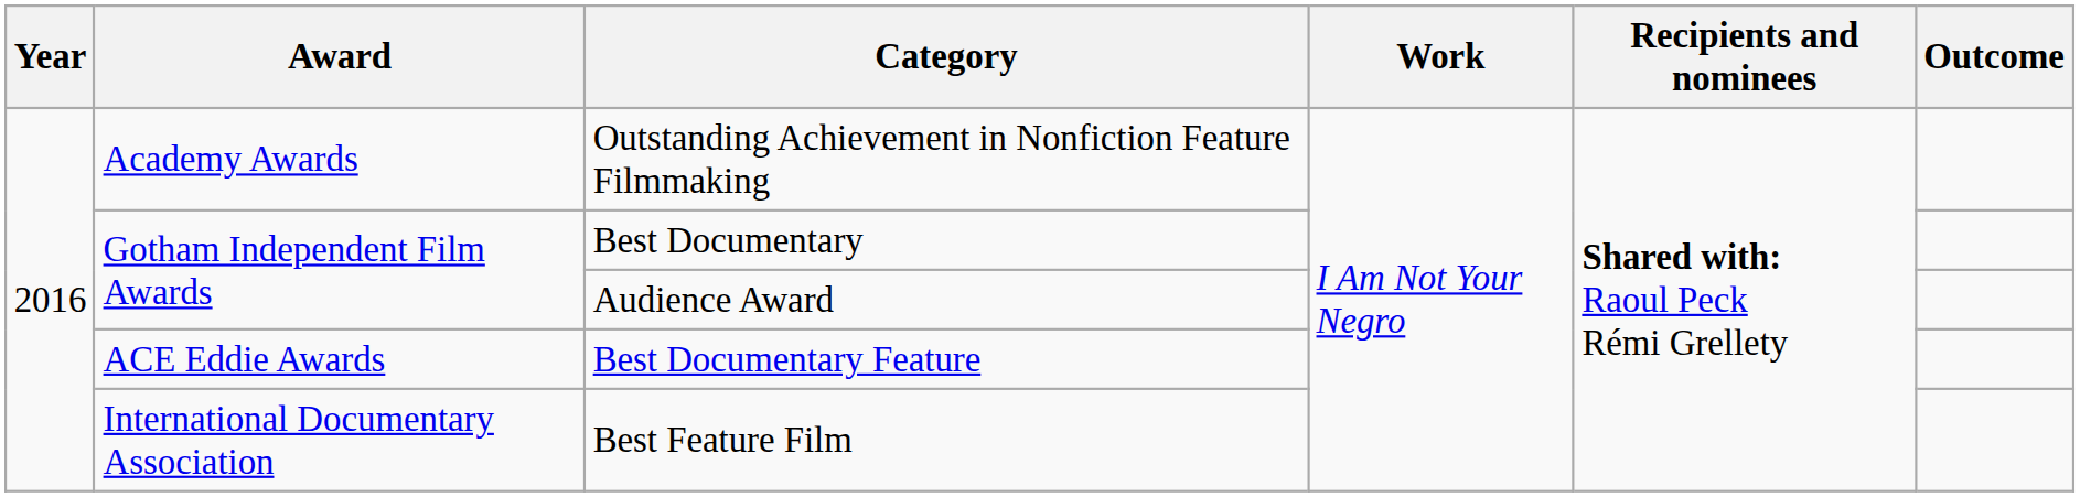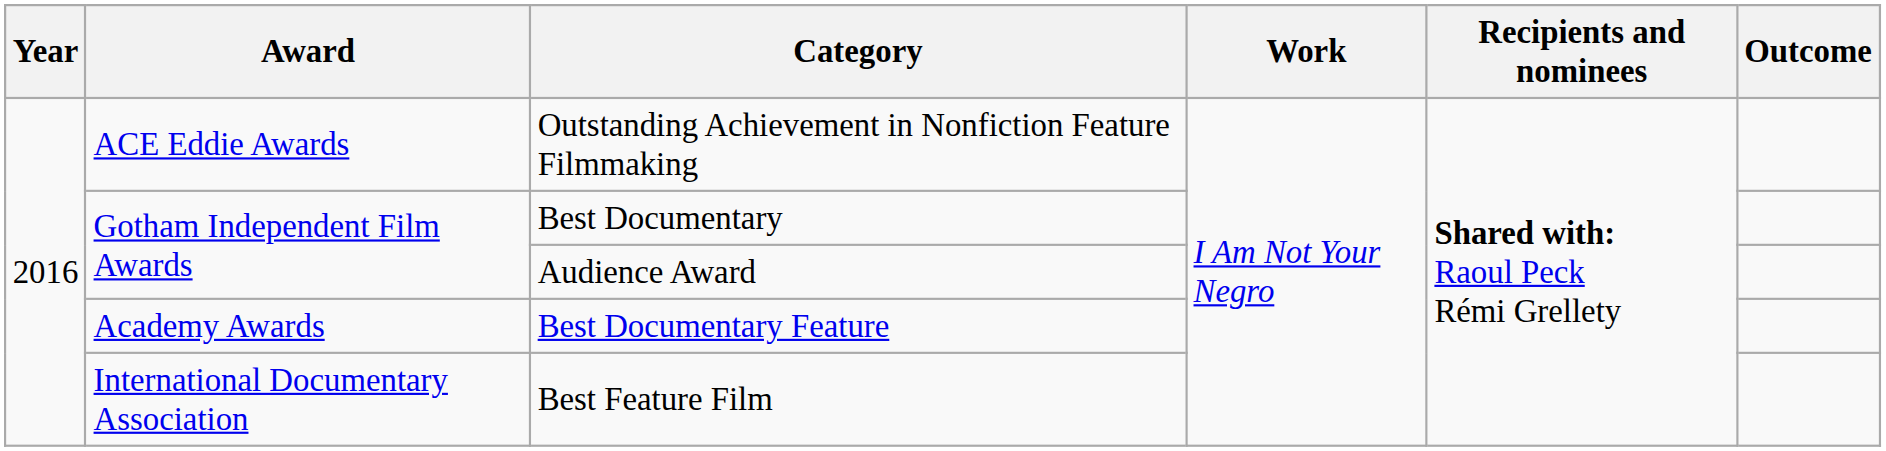 <table class="wikitable" style="font-size: 95%;">
 <tr style="background:#ccc; text-align:center;">
 <th>Year</th>
 <th>Award</th>
 <th>Category</th>
 <th>Work</th>
 <th>Recipients and nominees</th>
 <th>Outcome</th>
 </tr>
 <tr>
 <td rowspan="5">2016</td>
-<td><a href='#'>Academy Awards</a></td>
+<td><a href='#'>ACE Eddie Awards</a></td>
 <td>Outstanding Achievement in Nonfiction Feature Filmmaking</td>
 <td rowspan="5"><em><a href='#'>I Am Not Your Negro</a></em></td>
 <td rowspan="5"><strong>Shared with:</strong><br><a href='#'>Raoul Peck</a><br>Rémi Grellety</td>
 <td></td>
 </tr>
 <tr>
 <td rowspan="2"><a href='#'>Gotham Independent Film Awards</a></td>
 <td>Best Documentary</td>
 <td></td>
 </tr>
 <tr>
 <td>Audience Award</td>
 <td></td>
 </tr>
 <tr>
-<td><a href='#'>ACE Eddie Awards</a></td>
+<td><a href='#'>Academy Awards</a></td>
 <td><a href='#'>Best Documentary Feature</a></td>
 <td></td>
 </tr>
 <tr>
 <td><a href='#'>International Documentary Association</a></td>
 <td>Best Feature Film</td>
 <td></td>
 </tr>
 </table>
